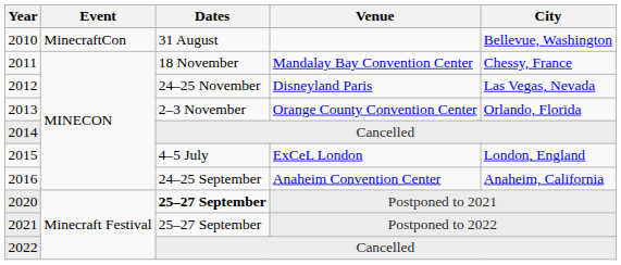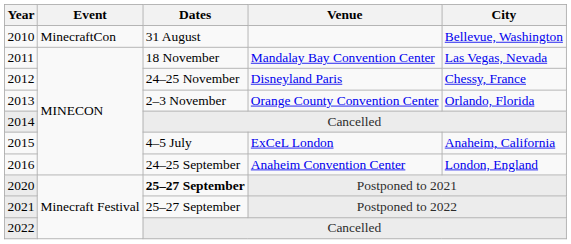 <table class="wikitable floatright">
 <tr>
 <th>Year</th>
 <th>Event</th>
 <th>Dates</th>
 <th>Venue</th>
 <th>City</th>
 </tr>
 <tr>
 <td>2010</td>
 <td>MinecraftCon</td>
 <td>31 August</td>
 <td></td>
 <td><a href='#'>Bellevue, Washington</a></td>
 </tr>
 <tr>
 <td>2011</td>
 <td rowspan="6">MINECON</td>
 <td>18 November</td>
 <td><a href='#'>Mandalay Bay Convention Center</a></td>
-<td><a href='#'>Chessy, France</a></td>
+<td><a href='#'>Las Vegas, Nevada</a></td>
 </tr>
 <tr>
 <td>2012</td>
 <td>24–25 November</td>
 <td><a href='#'>Disneyland Paris</a></td>
-<td><a href='#'>Las Vegas, Nevada</a></td>
+<td><a href='#'>Chessy, France</a></td>
 </tr>
 <tr>
 <td>2013</td>
 <td>2–3 November</td>
 <td><a href='#'>Orange County Convention Center</a></td>
 <td><a href='#'>Orlando, Florida</a></td>
 </tr>
 <tr>
 <td style="background: #ececec">2014</td>
 <td colspan="3" style="background: #ececec; color: #2C2C2C; vertical-align: middle; text-align: center;">Cancelled</td>
 </tr>
 <tr>
 <td>2015</td>
 <td>4–5 July</td>
 <td><a href='#'>ExCeL London</a></td>
-<td><a href='#'>London, England</a></td>
+<td><a href='#'>Anaheim, California</a></td>
 </tr>
 <tr>
 <td>2016</td>
 <td>24–25 September</td>
 <td><a href='#'>Anaheim Convention Center</a></td>
-<td><a href='#'>Anaheim, California</a></td>
+<td><a href='#'>London, England</a></td>
 </tr>
 <tr>
 <td style="background: #ececec">2020</td>
 <td rowspan="3">Minecraft Festival</td>
 <td><strong>25–27 September</strong></td>
 <td colspan="2" style="background: #ececec; color: #2C2C2C; vertical-align: middle; text-align: center;">Postponed to 2021</td>
 </tr>
 <tr>
 <td style="background: #ececec">2021</td>
 <td>25–27 September</td>
 <td colspan="2" style="background: #ececec; color: #2C2C2C; vertical-align: middle; text-align: center;">Postponed to 2022</td>
 </tr>
 <tr>
 <td style="background: #ececec">2022</td>
 <td colspan="3" style="background: #ececec; color: #2C2C2C; vertical-align: middle; text-align: center;">Cancelled</td>
 </tr>
 </table>
